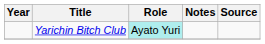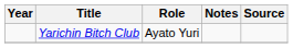 <table class="wikitable sortable plainrowheaders">
 <tr>
 <th>Year</th>
 <th>Title</th>
 <th>Role</th>
 <th class="unsortable">Notes</th>
 <th class="unsortable">Source</th>
 </tr>
 <tr>
 <td></td>
 <td><em><a href='#'>Yarichin Bitch Club</a></em></td>
-<td style="background: paleturquoise;">Ayato Yuri</td>
+<td>Ayato Yuri</td>
 <td></td>
 <td></td>
 </tr>
 <tr>
 </tr>
 </table>
